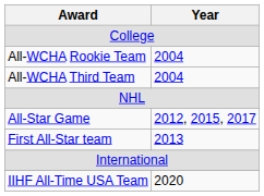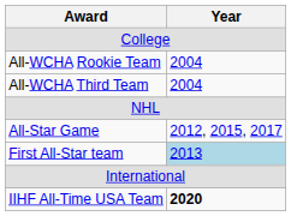 <table class="wikitable">
 <tr>
 <th>Award</th>
 <th>Year</th>
 </tr>
 <tr ALIGN="center" bgcolor="#e0e0e0">
 <td colspan="2"><a href='#'>College</a></td>
 </tr>
 <tr>
 <td>All-<a href='#'>WCHA</a> <a href='#'>Rookie Team</a></td>
 <td><a href='#'>2004</a></td>
 </tr>
 <tr>
 <td>All-<a href='#'>WCHA</a> <a href='#'>Third Team</a></td>
 <td><a href='#'>2004</a></td>
 </tr>
 <tr ALIGN="center" bgcolor="#e0e0e0">
 <td colspan="2"><a href='#'>NHL</a></td>
 </tr>
 <tr>
 <td><a href='#'>All-Star Game</a></td>
 <td><a href='#'>2012</a>, <a href='#'>2015</a>, <a href='#'>2017</a></td>
 </tr>
 <tr>
 <td><a href='#'>First All-Star team</a></td>
-<td><a href='#'>2013</a></td>
+<td style="background: lightblue;"><a href='#'>2013</a></td>
 </tr>
 <tr ALIGN="center" bgcolor="#e0e0e0">
 <td colspan="2"><a href='#'>International</a></td>
 </tr>
 <tr>
 <td><a href='#'>IIHF All-Time USA Team</a></td>
-<td>2020</td>
+<td><strong>2020</strong></td>
 </tr>
 </table>
